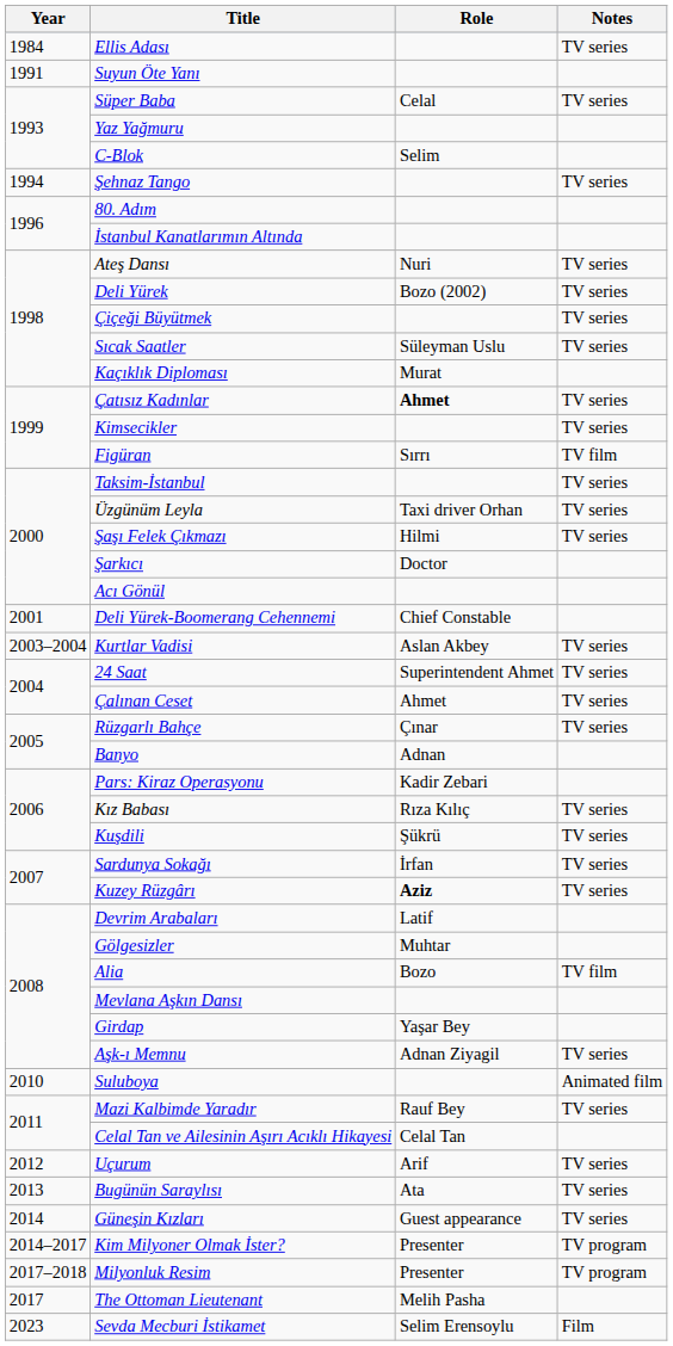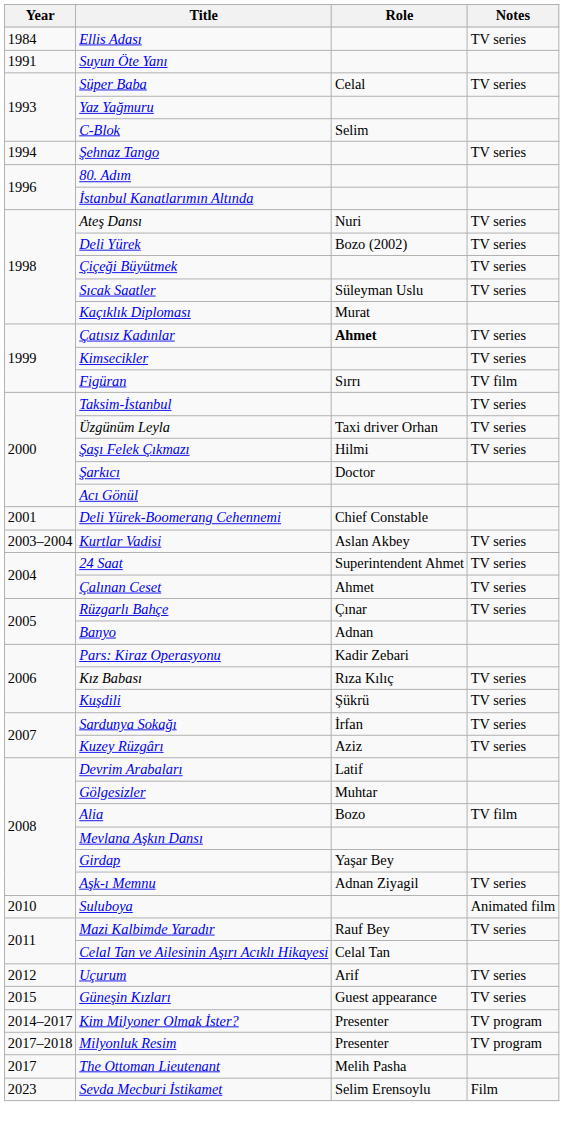 <table class="wikitable">
 <tr style="background:#B0C4DE;">
 <th>Year</th>
 <th>Title</th>
 <th>Role</th>
 <th>Notes</th>
 </tr>
 <tr>
 <td rowspan="1">1984</td>
 <td><em><a href='#'>Ellis Adası</a></em></td>
 <td></td>
 <td>TV series</td>
 </tr>
 <tr>
 <td rowspan="1">1991</td>
 <td><em><a href='#'>Suyun Öte Yanı</a></em></td>
 <td></td>
 <td></td>
 </tr>
 <tr>
 <td rowspan="3">1993</td>
 <td><em><a href='#'>Süper Baba</a></em></td>
 <td>Celal</td>
 <td>TV series</td>
 </tr>
 <tr>
 <td><em><a href='#'>Yaz Yağmuru</a></em></td>
 <td></td>
 <td></td>
 </tr>
 <tr>
 <td><em><a href='#'>C-Blok</a></em></td>
 <td>Selim</td>
 <td></td>
 </tr>
 <tr>
 <td rowspan="1">1994</td>
 <td><em><a href='#'>Şehnaz Tango</a></em></td>
 <td></td>
 <td>TV series</td>
 </tr>
 <tr>
 <td rowspan="2">1996</td>
 <td><em><a href='#'>80. Adım</a></em></td>
 <td></td>
 <td></td>
 </tr>
 <tr>
 <td><em><a href='#'>İstanbul Kanatlarımın Altında</a></em></td>
 <td></td>
 <td></td>
 </tr>
 <tr>
 <td rowspan="5">1998</td>
 <td><em>Ateş Dansı</em></td>
 <td>Nuri</td>
 <td>TV series</td>
 </tr>
 <tr>
 <td><em><a href='#'>Deli Yürek</a></em></td>
 <td>Bozo (2002)</td>
 <td>TV series</td>
 </tr>
 <tr>
 <td><em><a href='#'>Çiçeği Büyütmek</a></em></td>
 <td></td>
 <td>TV series</td>
 </tr>
 <tr>
 <td><em><a href='#'>Sıcak Saatler</a></em></td>
 <td>Süleyman Uslu</td>
 <td>TV series</td>
 </tr>
 <tr>
 <td><em><a href='#'>Kaçıklık Diploması</a></em></td>
 <td>Murat</td>
 <td></td>
 </tr>
 <tr>
 <td rowspan="3">1999</td>
 <td><em><a href='#'>Çatısız Kadınlar</a></em></td>
 <td><strong>Ahmet</strong></td>
 <td>TV series</td>
 </tr>
 <tr>
 <td><em><a href='#'>Kimsecikler</a></em></td>
 <td></td>
 <td>TV series</td>
 </tr>
 <tr>
 <td><em><a href='#'>Figüran</a></em></td>
 <td>Sırrı</td>
 <td>TV film</td>
 </tr>
 <tr>
 <td rowspan="5">2000</td>
 <td><em><a href='#'>Taksim-İstanbul</a></em></td>
 <td></td>
 <td>TV series</td>
 </tr>
 <tr>
 <td><em>Üzgünüm Leyla</em></td>
 <td>Taxi driver Orhan</td>
 <td>TV series</td>
 </tr>
 <tr>
 <td><em><a href='#'>Şaşı Felek Çıkmazı</a></em></td>
 <td>Hilmi</td>
 <td>TV series</td>
 </tr>
 <tr>
 <td><em><a href='#'>Şarkıcı</a></em></td>
 <td>Doctor</td>
 <td></td>
 </tr>
 <tr>
 <td><em><a href='#'>Acı Gönül</a></em></td>
 <td></td>
 <td></td>
 </tr>
 <tr>
 <td rowspan="1">2001</td>
 <td><em><a href='#'>Deli Yürek-Boomerang Cehennemi</a></em></td>
 <td>Chief Constable</td>
 <td></td>
 </tr>
 <tr>
 <td rowspan="1">2003–2004</td>
 <td><em><a href='#'>Kurtlar Vadisi</a></em></td>
 <td>Aslan Akbey</td>
 <td>TV series</td>
 </tr>
 <tr>
 <td rowspan="2">2004</td>
 <td><em><a href='#'>24 Saat</a></em></td>
 <td>Superintendent Ahmet</td>
 <td>TV series</td>
 </tr>
 <tr>
 <td><em><a href='#'>Çalınan Ceset</a></em></td>
 <td>Ahmet</td>
 <td>TV series</td>
 </tr>
 <tr>
 <td rowspan="2">2005</td>
 <td><em><a href='#'>Rüzgarlı Bahçe</a></em></td>
 <td>Çınar</td>
 <td>TV series</td>
 </tr>
 <tr>
 <td><em><a href='#'>Banyo</a></em></td>
 <td>Adnan</td>
 <td></td>
 </tr>
 <tr>
 <td rowspan="3">2006</td>
 <td><em><a href='#'>Pars: Kiraz Operasyonu</a></em></td>
 <td>Kadir Zebari</td>
 <td></td>
 </tr>
 <tr>
 <td><em>Kız Babası</em></td>
 <td>Rıza Kılıç</td>
 <td>TV series</td>
 </tr>
 <tr>
 <td><em><a href='#'>Kuşdili</a></em></td>
 <td>Şükrü</td>
 <td>TV series</td>
 </tr>
 <tr>
 <td rowspan="2">2007</td>
 <td><em><a href='#'>Sardunya Sokağı</a></em></td>
 <td>İrfan</td>
 <td>TV series</td>
 </tr>
 <tr>
 <td><em><a href='#'>Kuzey Rüzgârı</a></em></td>
-<td><strong>Aziz</strong></td>
+<td>Aziz</td>
 <td>TV series</td>
 </tr>
 <tr>
 <td rowspan="6">2008</td>
 <td><em><a href='#'>Devrim Arabaları</a></em></td>
 <td>Latif</td>
 <td></td>
 </tr>
 <tr>
 <td><em><a href='#'>Gölgesizler</a></em></td>
 <td>Muhtar</td>
 <td></td>
 </tr>
 <tr>
 <td><em><a href='#'>Alia</a></em></td>
 <td>Bozo</td>
 <td>TV film</td>
 </tr>
 <tr>
 <td><em><a href='#'>Mevlana Aşkın Dansı</a></em></td>
 <td></td>
 <td></td>
 </tr>
 <tr>
 <td><em><a href='#'>Girdap</a></em></td>
 <td>Yaşar Bey</td>
 <td></td>
 </tr>
 <tr>
 <td><em><a href='#'>Aşk-ı Memnu</a></em></td>
 <td>Adnan Ziyagil</td>
 <td>TV series</td>
 </tr>
 <tr>
 <td rowspan="1">2010</td>
 <td><em><a href='#'>Suluboya</a></em></td>
 <td></td>
 <td>Animated film</td>
 </tr>
 <tr>
 <td rowspan="2">2011</td>
 <td><em><a href='#'>Mazi Kalbimde Yaradır</a></em></td>
 <td>Rauf Bey</td>
 <td>TV series</td>
 </tr>
 <tr>
 <td><em><a href='#'>Celal Tan ve Ailesinin Aşırı Acıklı Hikayesi</a></em></td>
 <td>Celal Tan</td>
 <td></td>
 </tr>
 <tr>
 <td rowspan="1">2012</td>
 <td><em><a href='#'>Uçurum</a></em></td>
 <td>Arif</td>
 <td>TV series</td>
 </tr>
 <tr>
-<td rowspan="1">2013</td>
-<td><em><a href='#'>Bugünün Saraylısı</a></em></td>
-<td>Ata</td>
-<td>TV series</td>
-</tr>
-<tr>
-<td>2014</td>
+<td>2015</td>
 <td><em><a href='#'>Güneşin Kızları</a></em></td>
 <td>Guest appearance</td>
 <td>TV series</td>
 </tr>
 <tr>
 <td>2014–2017</td>
 <td><em><a href='#'>Kim Milyoner Olmak İster?</a></em></td>
 <td>Presenter</td>
 <td>TV program</td>
 </tr>
 <tr>
 <td>2017–2018</td>
 <td><em><a href='#'>Milyonluk Resim</a></em></td>
 <td>Presenter</td>
 <td>TV program</td>
 </tr>
 <tr>
 <td>2017</td>
 <td><em><a href='#'>The Ottoman Lieutenant</a></em></td>
 <td>Melih Pasha</td>
 <td></td>
 </tr>
 <tr>
 <td>2023</td>
 <td><em><a href='#'>Sevda Mecburi İstikamet</a></em></td>
 <td>Selim Erensoylu</td>
 <td>Film</td>
 </tr>
 </table>
